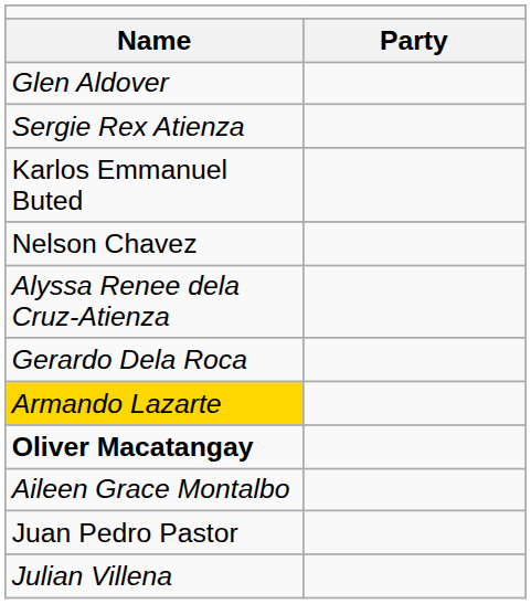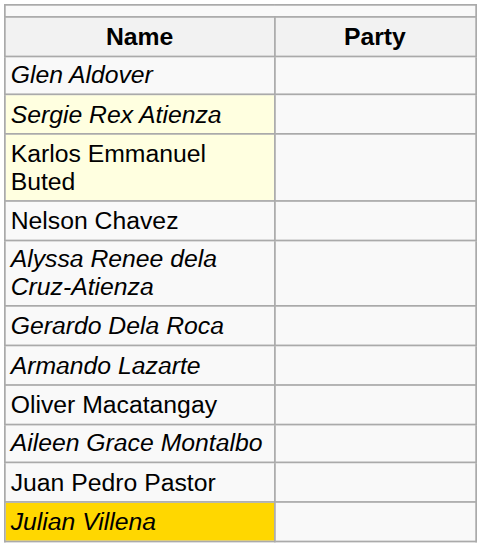 <table class=wikitable style="font-size:90%">
 <tr>
 <td colspan=4 bgcolor=></td>
 </tr>
 <tr>
 <th width=150px>Name</th>
 <th colspan=2 width=110px>Party</th>
 </tr>
 <tr>
 <td><em>Glen Aldover</em></td>
 <td></td>
 </tr>
 <tr>
-<td><em>Sergie Rex Atienza</em></td>
+<td style="background: lightyellow;"><em>Sergie Rex Atienza</em></td>
 <td></td>
 </tr>
 <tr>
-<td>Karlos Emmanuel Buted</td>
+<td style="background: lightyellow;">Karlos Emmanuel Buted</td>
 <td></td>
 </tr>
 <tr>
 <td>Nelson Chavez</td>
 <td></td>
 </tr>
 <tr>
 <td><em>Alyssa Renee dela Cruz-Atienza</em></td>
 <td></td>
 </tr>
 <tr>
 <td><em>Gerardo Dela Roca</em></td>
 <td></td>
 </tr>
 <tr>
-<td style="background: gold;"><em>Armando Lazarte</em></td>
+<td><em>Armando Lazarte</em></td>
 <td></td>
 </tr>
 <tr>
-<td><strong>Oliver Macatangay</strong></td>
+<td>Oliver Macatangay</td>
 <td></td>
 </tr>
 <tr>
 <td><em>Aileen Grace Montalbo</em></td>
 <td></td>
 </tr>
 <tr>
 <td>Juan Pedro Pastor</td>
 <td></td>
 </tr>
 <tr>
-<td><em>Julian Villena</em></td>
+<td style="background: gold;"><em>Julian Villena</em></td>
 <td></td>
 </tr>
 </table>
